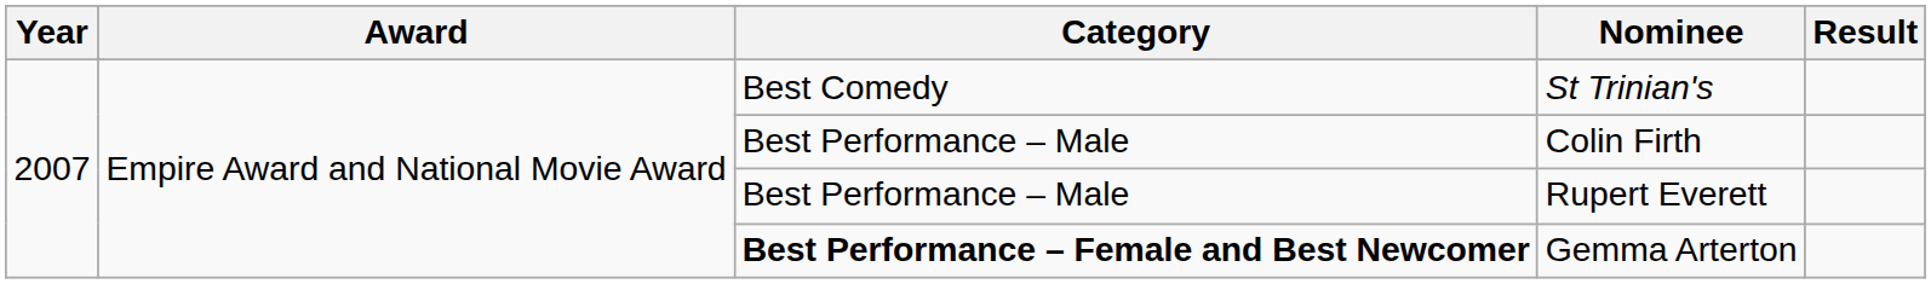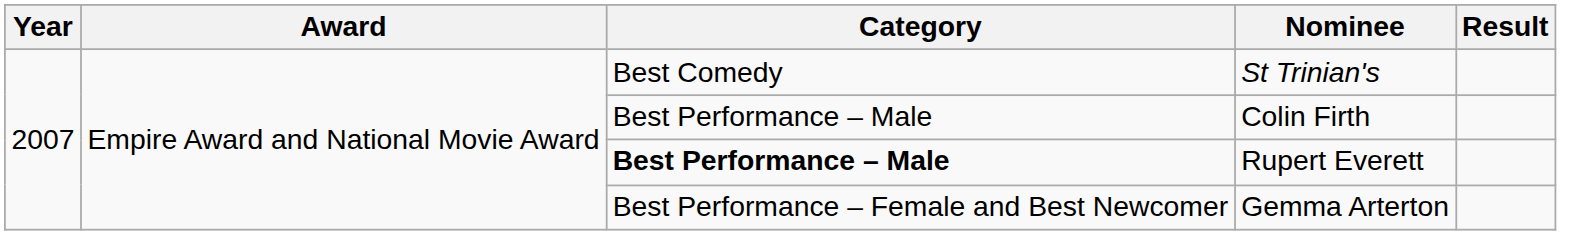 <table class="wikitable sortable">
 <tr>
 <th>Year</th>
 <th>Award</th>
 <th>Category</th>
 <th>Nominee</th>
 <th>Result</th>
 </tr>
 <tr>
 <td rowspan="4">2007</td>
 <td rowspan="4">Empire Award and National Movie Award</td>
 <td>Best Comedy</td>
 <td><em>St Trinian's</em></td>
 <td></td>
 </tr>
 <tr>
 <td>Best Performance – Male</td>
 <td>Colin Firth</td>
 <td></td>
 </tr>
 <tr>
-<td>Best Performance – Male</td>
+<td><strong>Best Performance – Male</strong></td>
 <td>Rupert Everett</td>
 <td></td>
 </tr>
 <tr>
-<td><strong>Best Performance – Female and Best Newcomer</strong></td>
+<td>Best Performance – Female and Best Newcomer</td>
 <td>Gemma Arterton</td>
 <td></td>
 </tr>
 </table>
